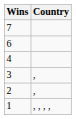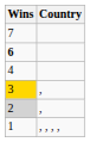 <table class="wikitable">
 <tr>
 <th>Wins</th>
 <th>Country</th>
 </tr>
 <tr>
 <td>7</td>
 <td></td>
 </tr>
 <tr>
-<td>6</td>
+<td><strong>6</strong></td>
 <td></td>
 </tr>
 <tr>
 <td>4</td>
 <td></td>
 </tr>
 <tr>
-<td>3</td>
+<td style="background: gold;">3</td>
 <td>, </td>
 </tr>
 <tr>
-<td>2</td>
+<td style="background: lightgrey;">2</td>
 <td>, </td>
 </tr>
 <tr>
 <td>1</td>
 <td>, , , , </td>
 </tr>
 </table>
